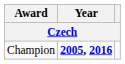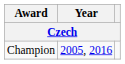 <table class="wikitable">
 <tr>
 <th>Award</th>
 <th>Year</th>
 <th></th>
 </tr>
 <tr>
 <th colspan="3"><a href='#'>Czech</a></th>
 </tr>
 <tr>
 <td>Champion</td>
-<td><strong><a href='#'>2005</a>, <a href='#'>2016</a></strong></td>
+<td><a href='#'>2005</a>, <a href='#'>2016</a></td>
 <td></td>
 </tr>
 </table>
